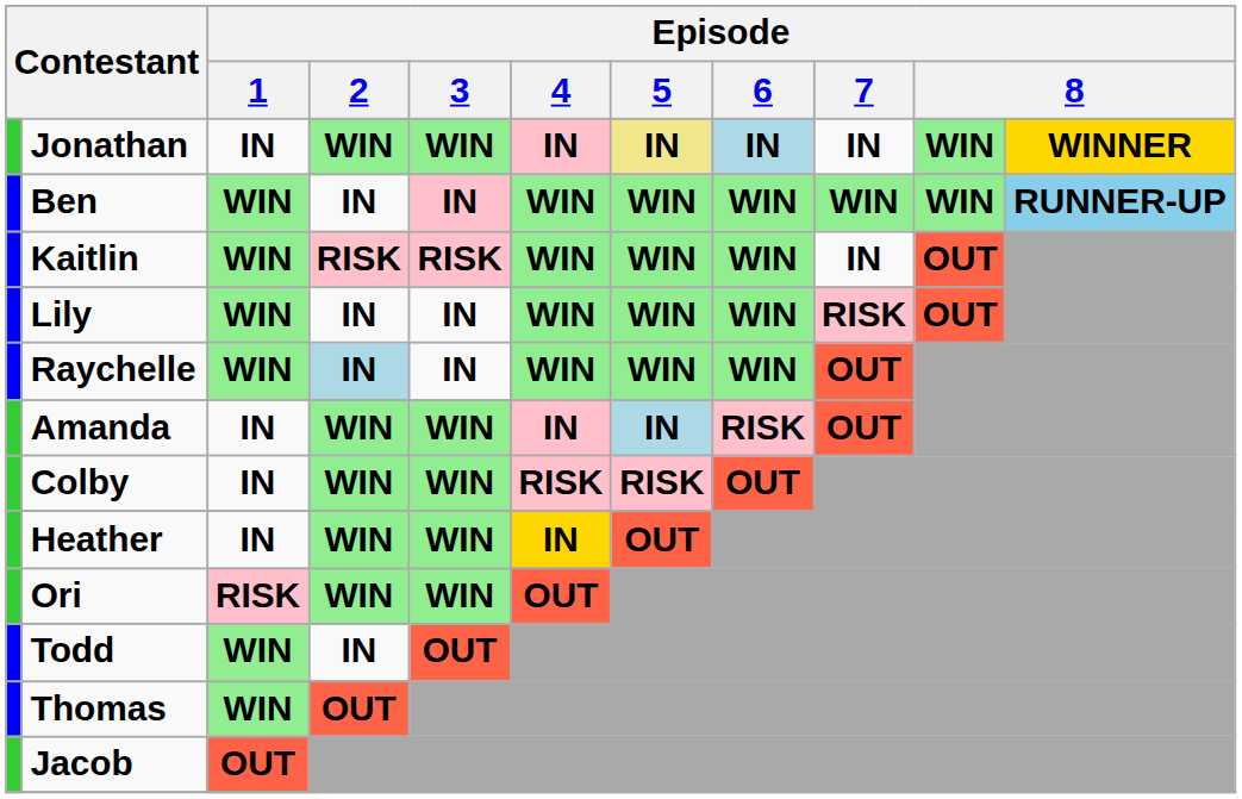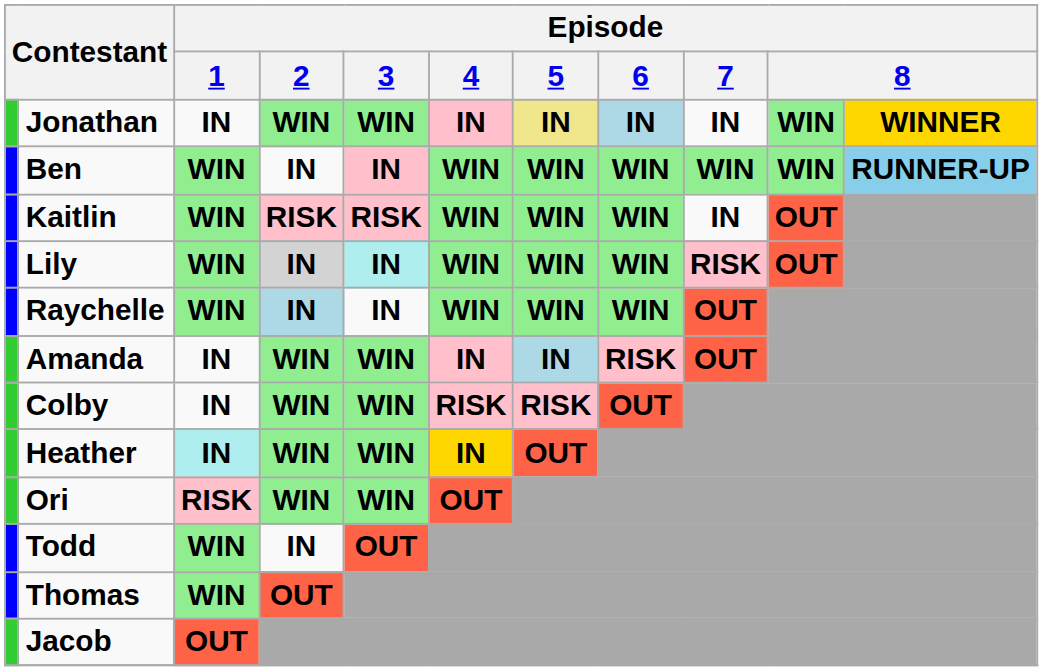 <table class="wikitable" style="text-align:center">
 <tr>
 <th rowspan=2 colspan=2>Contestant</th>
 <th colspan=11>Episode</th>
 </tr>
 <tr>
 <th colspan=1><a href='#'>1</a></th>
 <th><a href='#'>2</a></th>
 <th><a href='#'>3</a></th>
 <th><a href='#'>4</a></th>
 <th><a href='#'>5</a></th>
 <th><a href='#'>6</a></th>
 <th><a href='#'>7</a></th>
 <th colspan=2><a href='#'>8</a></th>
 </tr>
 <tr>
 <td style="background:limegreen;"></td>
 <td align="left"><strong>Jonathan</strong></td>
 <td><strong>IN</strong></td>
 <td style="background:lightgreen;"><strong>WIN</strong></td>
 <td style="background:lightgreen;"><strong>WIN</strong></td>
 <td style="background: pink;"><strong>IN</strong></td>
 <td style="background: khaki;"><strong>IN</strong></td>
 <td style="background: lightblue;"><strong>IN</strong></td>
 <td><strong>IN</strong></td>
 <td style="background:lightgreen;"><strong>WIN</strong></td>
 <td style="background:gold;"><strong>WINNER</strong></td>
 </tr>
 <tr>
 <td style="background:blue;"></td>
 <td align="left"><strong>Ben</strong></td>
 <td style="background:lightgreen;"><strong>WIN</strong></td>
 <td><strong>IN</strong></td>
 <td style="background: pink;"><strong>IN</strong></td>
 <td style="background:lightgreen;"><strong>WIN</strong></td>
 <td style="background:lightgreen;"><strong>WIN</strong></td>
 <td style="background:lightgreen;"><strong>WIN</strong></td>
 <td style="background:lightgreen;"><strong>WIN</strong></td>
 <td style="background:lightgreen;"><strong>WIN</strong></td>
 <td style="background:skyblue;"><strong>RUNNER-UP</strong></td>
 </tr>
 <tr>
 <td style="background:blue;"></td>
 <td align="left"><strong>Kaitlin</strong></td>
 <td style="background:lightgreen;"><strong>WIN</strong></td>
 <td style="background:pink;"><strong>RISK</strong></td>
 <td style="background:pink;"><strong>RISK</strong></td>
 <td style="background:lightgreen;"><strong>WIN</strong></td>
 <td style="background:lightgreen;"><strong>WIN</strong></td>
 <td style="background:lightgreen;"><strong>WIN</strong></td>
 <td><strong>IN</strong></td>
 <td style="background:tomato;"><strong>OUT</strong></td>
 <td style="background:darkgrey;" colspan="3"></td>
 </tr>
 <tr>
 <td style="background:blue;"></td>
 <td align="left"><strong>Lily</strong></td>
 <td style="background:lightgreen;"><strong>WIN</strong></td>
-<td><strong>IN</strong></td>
-<td><strong>IN</strong></td>
+<td style="background: lightgrey;"><strong>IN</strong></td>
+<td style="background: paleturquoise;"><strong>IN</strong></td>
 <td style="background:lightgreen;"><strong>WIN</strong></td>
 <td style="background:lightgreen;"><strong>WIN</strong></td>
 <td style="background:lightgreen;"><strong>WIN</strong></td>
 <td style="background:pink;"><strong>RISK</strong></td>
 <td style="background:tomato;"><strong>OUT</strong></td>
 <td style="background:darkgrey;" colspan="3"></td>
 </tr>
 <tr>
 <td style=" background:blue;"></td>
 <td align="left"><strong>Raychelle</strong></td>
 <td style="background:lightgreen;"><strong>WIN</strong></td>
 <td style="background: lightblue;"><strong>IN</strong></td>
 <td><strong>IN</strong></td>
 <td style="background:lightgreen;"><strong>WIN</strong></td>
 <td style="background:lightgreen;"><strong>WIN</strong></td>
 <td style="background:lightgreen;"><strong>WIN</strong></td>
 <td style="background:tomato;"><strong>OUT</strong></td>
 <td style="background:darkgrey;" colspan="4"></td>
 </tr>
 <tr>
 <td style="background:limegreen;"></td>
 <td align="left"><strong>Amanda</strong></td>
 <td><strong>IN</strong></td>
 <td style="background:lightgreen;"><strong>WIN</strong></td>
 <td style="background:lightgreen;"><strong>WIN</strong></td>
 <td style="background: pink;"><strong>IN</strong></td>
 <td style="background: lightblue;"><strong>IN</strong></td>
 <td style="background:pink;"><strong>RISK</strong></td>
 <td style="background:tomato;"><strong>OUT</strong></td>
 <td style="background:darkgrey;" colspan="4"></td>
 </tr>
 <tr>
 <td style="background:limegreen;"></td>
 <td align="left"><strong>Colby</strong></td>
 <td><strong>IN</strong></td>
 <td style="background:lightgreen;"><strong>WIN</strong></td>
 <td style="background:lightgreen;"><strong>WIN</strong></td>
 <td style="background:pink;"><strong>RISK</strong></td>
 <td style="background:pink;"><strong>RISK</strong></td>
 <td style="background:tomato;"><strong>OUT</strong></td>
 <td style="background:darkgrey;" colspan="5"></td>
 </tr>
 <tr>
 <td style="background:limegreen;"></td>
 <td align="left"><strong>Heather</strong></td>
-<td><strong>IN</strong></td>
+<td style="background: paleturquoise;"><strong>IN</strong></td>
 <td style="background:lightgreen;"><strong>WIN</strong></td>
 <td style="background:lightgreen;"><strong>WIN</strong></td>
 <td style="background: gold;"><strong>IN</strong></td>
 <td style="background:tomato;"><strong>OUT</strong></td>
 <td style="background:darkgrey;" colspan="6"></td>
 </tr>
 <tr>
 <td style="background:limegreen;"></td>
 <td align="left"><strong>Ori</strong></td>
 <td style="background:pink;"><strong>RISK</strong></td>
 <td style="background:lightgreen;"><strong>WIN</strong></td>
 <td style="background:lightgreen;"><strong>WIN</strong></td>
 <td style="background:tomato;"><strong>OUT</strong></td>
 <td style="background:darkgrey;" colspan="7"></td>
 </tr>
 <tr>
 <td style="background:blue;"></td>
 <td align="left"><strong>Todd</strong></td>
 <td style="background:lightgreen;"><strong>WIN</strong></td>
 <td><strong>IN</strong></td>
 <td style="background:tomato;"><strong>OUT</strong></td>
 <td style="background:darkgrey;" colspan="7"></td>
 </tr>
 <tr>
 <td style="background:blue;"></td>
 <td align="left"><strong>Thomas</strong></td>
 <td style="background:lightgreen;"><strong>WIN</strong></td>
 <td style="background:tomato;"><strong>OUT</strong></td>
 <td style="background:darkgrey;" colspan="8"></td>
 </tr>
 <tr>
 <td style="background:limegreen;"></td>
 <td align="left"><strong>Jacob</strong></td>
 <td style="background:tomato;"><strong>OUT</strong></td>
 <td style="background:darkgrey;" colspan="9"></td>
 </tr>
 <tr>
 </tr>
 </table>
